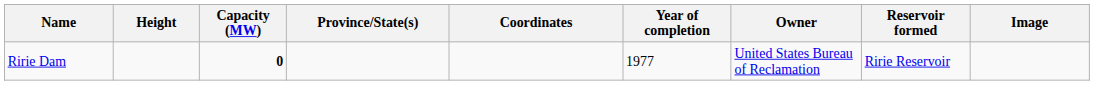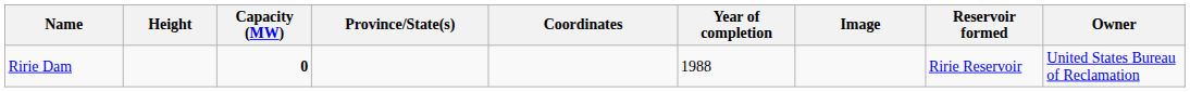 <table class="wikitable sortable" border="1">
 <tr>
 <th width="10%">Name</th>
 <th width="8%">Height</th>
 <th width="8%">Capacity (<a href='#'>MW</a>)</th>
 <th width="15%">Province/State(s)</th>
 <th width="16%">Coordinates</th>
 <th width="10%">Year of completion</th>
+<th>Image</th>
+<th width="10%">Reservoir formed</th>
 <th width="12%">Owner</th>
-<th width="10%">Reservoir formed</th>
-<th>Image</th>
 </tr>
 <tr>
 <td><a href='#'>Ririe Dam</a></td>
 <td></td>
 <td align="right"><strong>0</strong></td>
 <td></td>
 <td></td>
-<td>1977</td>
+<td>1988</td>
+<td></td>
+<td><a href='#'>Ririe Reservoir</a></td>
 <td><a href='#'>United States Bureau of Reclamation</a></td>
-<td><a href='#'>Ririe Reservoir</a></td>
-<td></td>
 </tr>
 </table>
